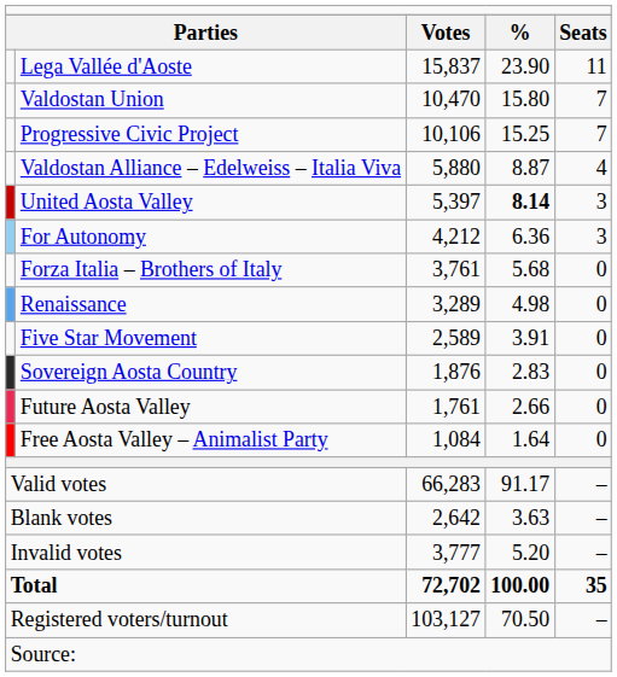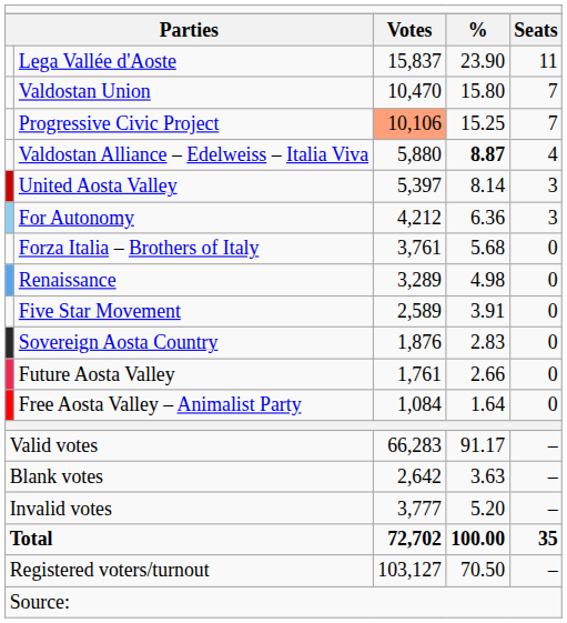 <table class="wikitable">
 <tr>
 <td colspan=5></td>
 </tr>
 <tr>
 </tr>
 <tr style="background-color:#E9E9E9;">
 <th colspan="2">Parties</th>
 <th>Votes</th>
 <th>%</th>
 <th>Seats</th>
 </tr>
 <tr>
 <td></td>
 <td style="text-align:left;"><a href='#'>Lega Vallée d'Aoste</a></td>
 <td align=right>15,837</td>
 <td align=right>23.90</td>
 <td align=right>11</td>
 </tr>
 <tr>
 <td style="background-color:"></td>
 <td><a href='#'>Valdostan Union</a></td>
 <td align=right>10,470</td>
 <td align=right>15.80</td>
 <td align=right>7</td>
 </tr>
 <tr>
 <td></td>
 <td style="text-align:left;"><a href='#'>Progressive Civic Project</a></td>
-<td align=right>10,106</td>
+<td align=right style="background: lightsalmon;">10,106</td>
 <td align=right>15.25</td>
 <td align=right>7</td>
 </tr>
 <tr>
 <td></td>
 <td><a href='#'>Valdostan Alliance</a> – <a href='#'>Edelweiss</a> – <a href='#'>Italia Viva</a></td>
 <td align=right>5,880</td>
-<td align=right>8.87</td>
+<td align=right><strong>8.87</strong></td>
 <td align=right>4</td>
 </tr>
 <tr>
 <td style="color:inherit;background:#C80000"></td>
 <td style="text-align:left;"><a href='#'>United Aosta Valley</a></td>
 <td align=right>5,397</td>
-<td align=right><strong>8.14</strong></td>
+<td align=right>8.14</td>
 <td align=right>3</td>
 </tr>
 <tr>
 <td style="color:inherit;background:#8fcff2"></td>
 <td style="text-align:left;"><a href='#'>For Autonomy</a></td>
 <td align=right>4,212</td>
 <td align=right>6.36</td>
 <td align=right>3</td>
 </tr>
 <tr>
 <td style="color:inherit;background:"></td>
 <td><a href='#'>Forza Italia</a> – <a href='#'>Brothers of Italy</a></td>
 <td align=right>3,761</td>
 <td align=right>5.68</td>
 <td align=right>0</td>
 </tr>
 <tr>
 <td style="background:#56A5EC;"></td>
 <td><a href='#'>Renaissance</a></td>
 <td align=right>3,289</td>
 <td align=right>4.98</td>
 <td align=right>0</td>
 </tr>
 <tr>
 <td style="background-color:"></td>
 <td><a href='#'>Five Star Movement</a></td>
 <td align="right">2,589</td>
 <td align="right">3.91</td>
 <td align="right">0</td>
 </tr>
 <tr>
 <td style="color:inherit;background:#282828"></td>
 <td><a href='#'>Sovereign Aosta Country</a></td>
 <td align="right">1,876</td>
 <td align="right">2.83</td>
 <td align="right">0</td>
 </tr>
 <tr>
 <td style="color:inherit;background:#ED2855"></td>
 <td>Future Aosta Valley</td>
 <td align=right>1,761</td>
 <td align=right>2.66</td>
 <td align=right>0</td>
 </tr>
 <tr>
 <td style="color:inherit;background:#Ff0000"></td>
 <td>Free Aosta Valley – <a href='#'>Animalist Party</a></td>
 <td align=right>1,084</td>
 <td align=right>1.64</td>
 <td align=right>0</td>
 </tr>
 <tr>
 <th colspan=5></th>
 </tr>
 <tr>
 <td colspan=2>Valid votes</td>
 <td align=right>66,283</td>
 <td align=right>91.17</td>
 <td align=right>–</td>
 </tr>
 <tr>
 <td colspan=2>Blank votes</td>
 <td align=right>2,642</td>
 <td align=right>3.63</td>
 <td align=right>–</td>
 </tr>
 <tr>
 <td colspan=2>Invalid votes</td>
 <td align=right>3,777</td>
 <td align=right>5.20</td>
 <td align=right>–</td>
 </tr>
 <tr>
 <td colspan=2><strong>Total</strong></td>
 <td align=right><strong>72,702</strong></td>
 <td align=right><strong>100.00</strong></td>
 <td align=right><strong>35</strong></td>
 </tr>
 <tr>
 <td colspan=2>Registered voters/turnout</td>
 <td align=right>103,127</td>
 <td align=right>70.50</td>
 <td align=right>–</td>
 </tr>
 <tr>
 <td colspan=5>Source: </td>
 </tr>
 </table>
